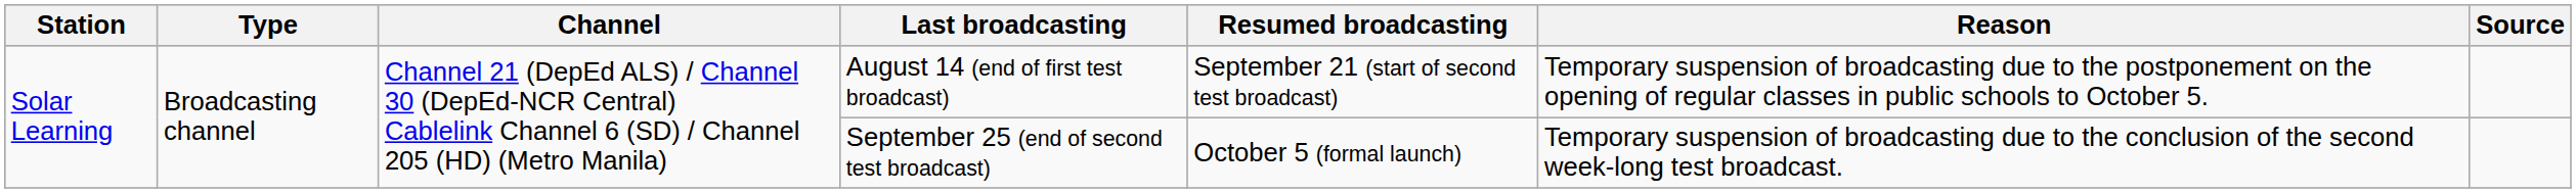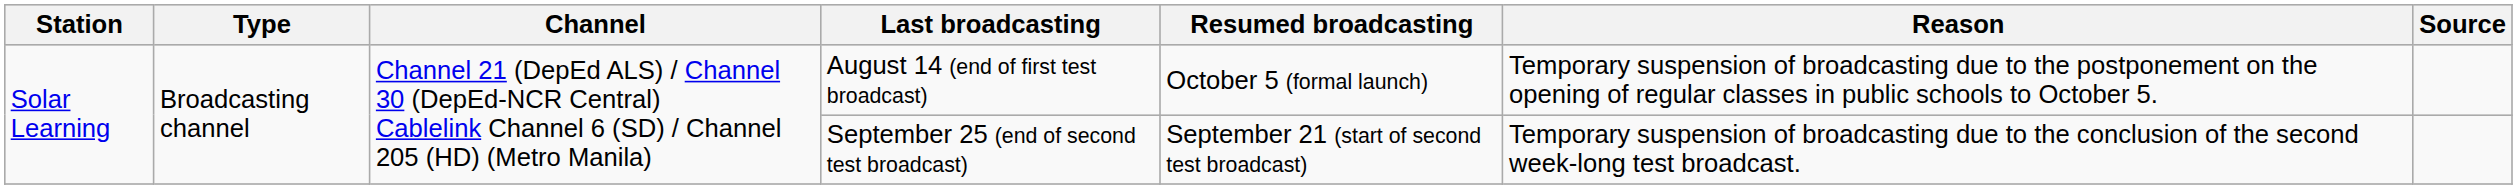 <table class="wikitable">
 <tr>
 <th>Station</th>
 <th>Type</th>
 <th>Channel</th>
 <th>Last broadcasting</th>
 <th>Resumed broadcasting</th>
 <th>Reason</th>
 <th>Source</th>
 </tr>
 <tr>
 <td rowspan="2"><a href='#'>Solar Learning</a></td>
 <td rowspan="2">Broadcasting channel</td>
 <td rowspan="2"><a href='#'>Channel 21</a> (DepEd ALS) / <a href='#'>Channel 30</a> (DepEd-NCR Central)<br><a href='#'>Cablelink</a> Channel 6 (SD) / Channel 205 (HD) (Metro Manila)</td>
 <td>August 14 <small>(end of first test broadcast)</small></td>
-<td>September 21 <small>(start of second test broadcast)</small></td>
+<td>October 5 <small>(formal launch)</small></td>
 <td>Temporary suspension of broadcasting due to the postponement on the opening of regular classes in public schools to October 5.</td>
 <td></td>
 </tr>
 <tr>
 <td>September 25 <small>(end of second test broadcast)</small></td>
-<td>October 5 <small>(formal launch)</small></td>
+<td>September 21 <small>(start of second test broadcast)</small></td>
 <td>Temporary suspension of broadcasting due to the conclusion of the second week-long test broadcast.</td>
 <td></td>
 </tr>
 </table>
